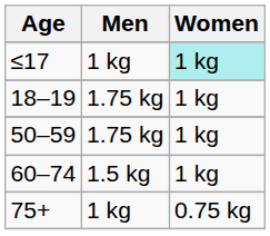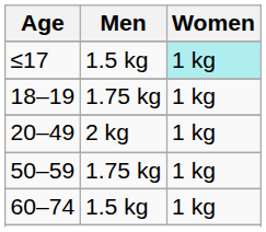 <table class="wikitable" style="display: inline-table">
 <tr>
 <th>Age</th>
 <th>Men</th>
 <th>Women</th>
 </tr>
 <tr>
 </tr>
 <tr>
 <td>≤17</td>
-<td>1 kg</td>
+<td>1.5 kg</td>
 <td style="background: paleturquoise;">1 kg</td>
 </tr>
 <tr>
 </tr>
 <tr>
 <td>18–19</td>
 <td>1.75 kg</td>
 <td>1 kg</td>
 </tr>
 <tr>
+</tr>
+<tr>
+<td>20–49</td>
+<td>2 kg</td>
+<td>1 kg</td>
 </tr>
 <tr>
 </tr>
 <tr>
 <td>50–59</td>
 <td>1.75 kg</td>
 <td>1 kg</td>
 </tr>
 <tr>
 </tr>
 <tr>
 <td>60–74</td>
 <td>1.5 kg</td>
 <td>1 kg</td>
 </tr>
 <tr>
 </tr>
 <tr>
-<td>75+</td>
-<td>1 kg</td>
-<td>0.75 kg</td>
-</tr>
-<tr>
 </tr>
 </table>
